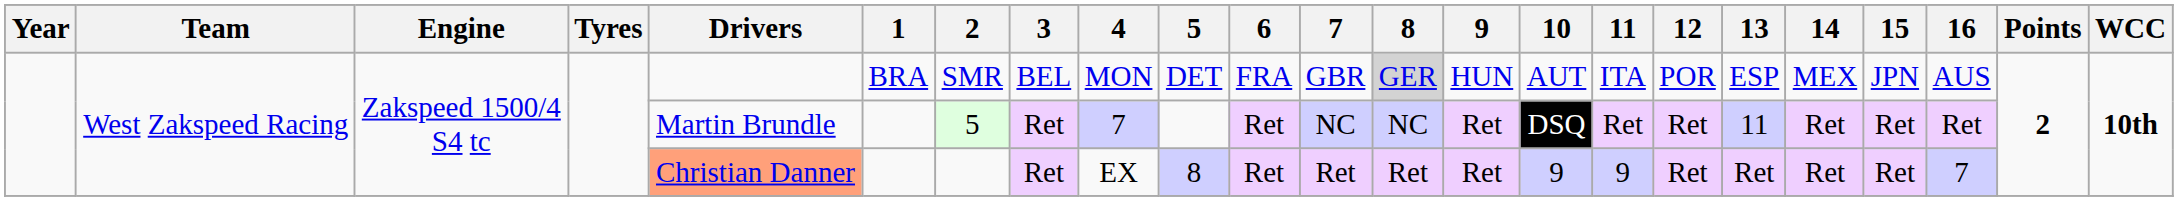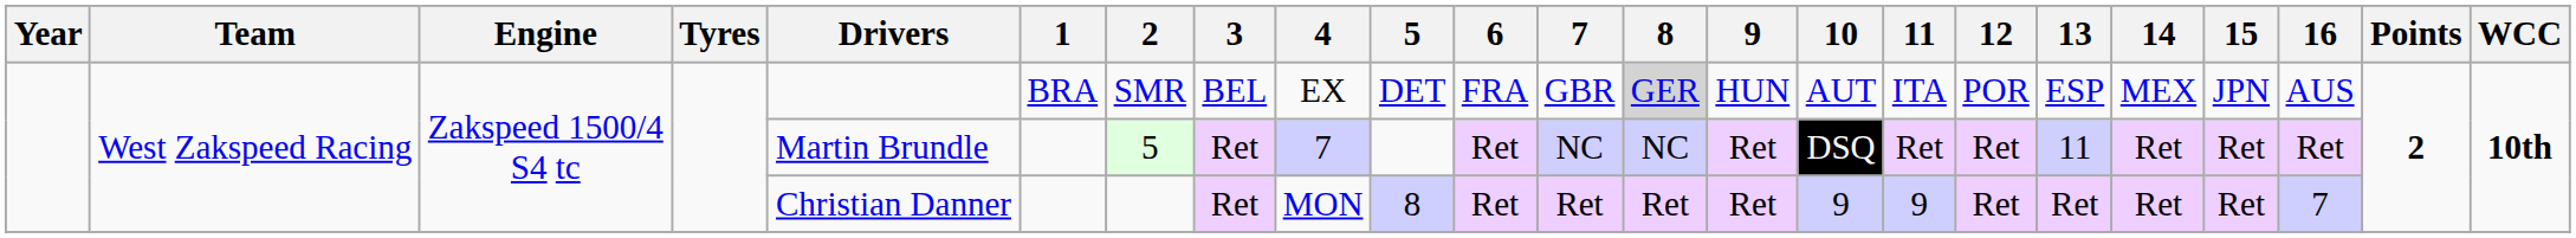 <table class="wikitable" style="text-align:center; font-size:95%">
 <tr>
 <th>Year</th>
 <th>Team</th>
 <th>Engine</th>
 <th>Tyres</th>
 <th>Drivers</th>
 <th>1</th>
 <th>2</th>
 <th>3</th>
 <th>4</th>
 <th>5</th>
 <th>6</th>
 <th>7</th>
 <th>8</th>
 <th>9</th>
 <th>10</th>
 <th>11</th>
 <th>12</th>
 <th>13</th>
 <th>14</th>
 <th>15</th>
 <th>16</th>
 <th>Points</th>
 <th>WCC</th>
 </tr>
 <tr>
 <td rowspan="3"></td>
 <td rowspan="3"><a href='#'>West</a> <a href='#'>Zakspeed Racing</a></td>
 <td rowspan="3"><a href='#'>Zakspeed 1500/4</a><br><a href='#'>S4</a> <a href='#'>tc</a></td>
 <td rowspan="3"></td>
 <td></td>
 <td><a href='#'>BRA</a></td>
 <td><a href='#'>SMR</a></td>
 <td><a href='#'>BEL</a></td>
-<td><a href='#'>MON</a></td>
+<td>EX</td>
 <td><a href='#'>DET</a></td>
 <td><a href='#'>FRA</a></td>
 <td><a href='#'>GBR</a></td>
 <td style="background: lightgrey;"><a href='#'>GER</a></td>
 <td><a href='#'>HUN</a></td>
 <td><a href='#'>AUT</a></td>
 <td><a href='#'>ITA</a></td>
 <td><a href='#'>POR</a></td>
 <td><a href='#'>ESP</a></td>
 <td><a href='#'>MEX</a></td>
 <td><a href='#'>JPN</a></td>
 <td><a href='#'>AUS</a></td>
 <td rowspan="3"><strong>2</strong></td>
 <td rowspan="3"><strong>10th</strong></td>
 </tr>
 <tr>
 <td align="left"><a href='#'>Martin Brundle</a></td>
 <td></td>
 <td style="background:#dfffdf;">5</td>
 <td style="background:#efcfff;">Ret</td>
 <td style="background:#cfcfff;">7</td>
 <td></td>
 <td style="background:#efcfff;">Ret</td>
 <td style="background:#cfcfff;">NC</td>
 <td style="background:#cfcfff;">NC</td>
 <td style="background:#efcfff;">Ret</td>
 <td style="background:#000; color:white;">DSQ</td>
 <td style="background:#efcfff;">Ret</td>
 <td style="background:#efcfff;">Ret</td>
 <td style="background:#cfcfff;">11</td>
 <td style="background:#efcfff;">Ret</td>
 <td style="background:#efcfff;">Ret</td>
 <td style="background:#efcfff;">Ret</td>
 </tr>
 <tr>
-<td align="left" style="background: lightsalmon;"><a href='#'>Christian Danner</a></td>
+<td align="left"><a href='#'>Christian Danner</a></td>
 <td></td>
 <td></td>
 <td style="background:#efcfff;">Ret</td>
-<td>EX</td>
+<td><a href='#'>MON</a></td>
 <td style="background:#cfcfff;">8</td>
 <td style="background:#efcfff;">Ret</td>
 <td style="background:#efcfff;">Ret</td>
 <td style="background:#efcfff;">Ret</td>
 <td style="background:#efcfff;">Ret</td>
 <td style="background:#cfcfff;">9</td>
 <td style="background:#cfcfff;">9</td>
 <td style="background:#efcfff;">Ret</td>
 <td style="background:#efcfff;">Ret</td>
 <td style="background:#efcfff;">Ret</td>
 <td style="background:#efcfff;">Ret</td>
 <td style="background:#cfcfff;">7</td>
 </tr>
 </table>
